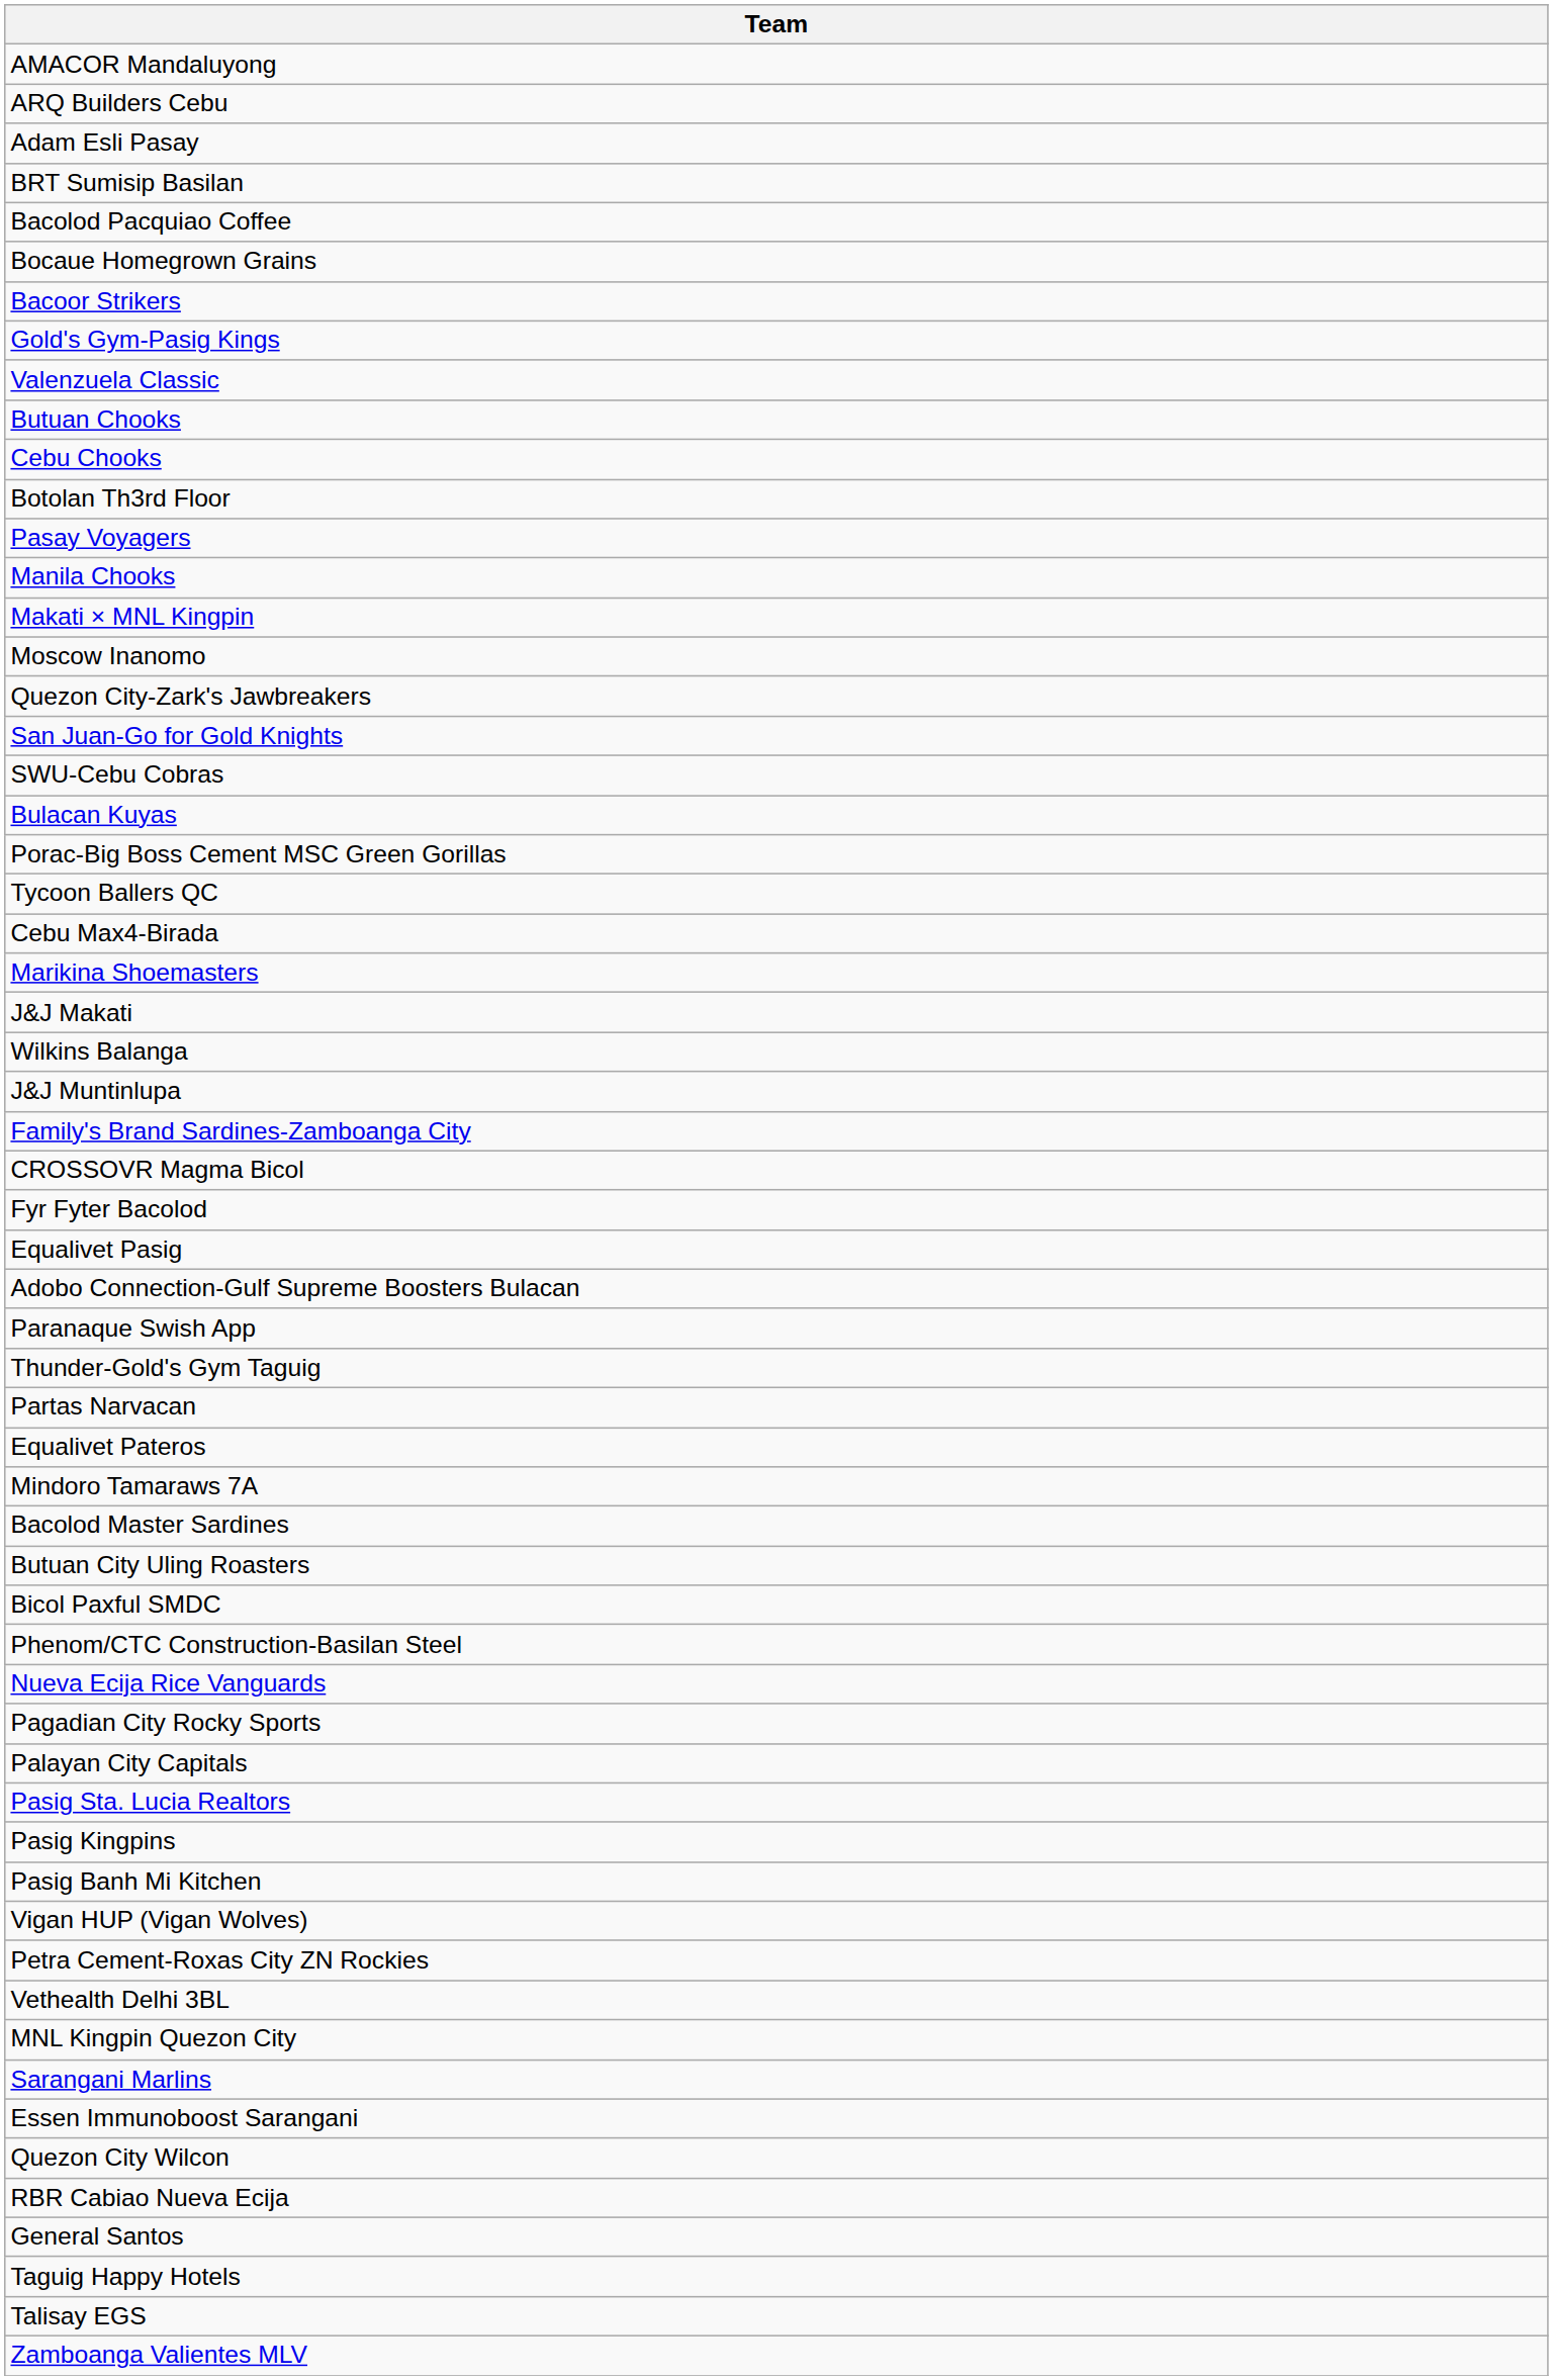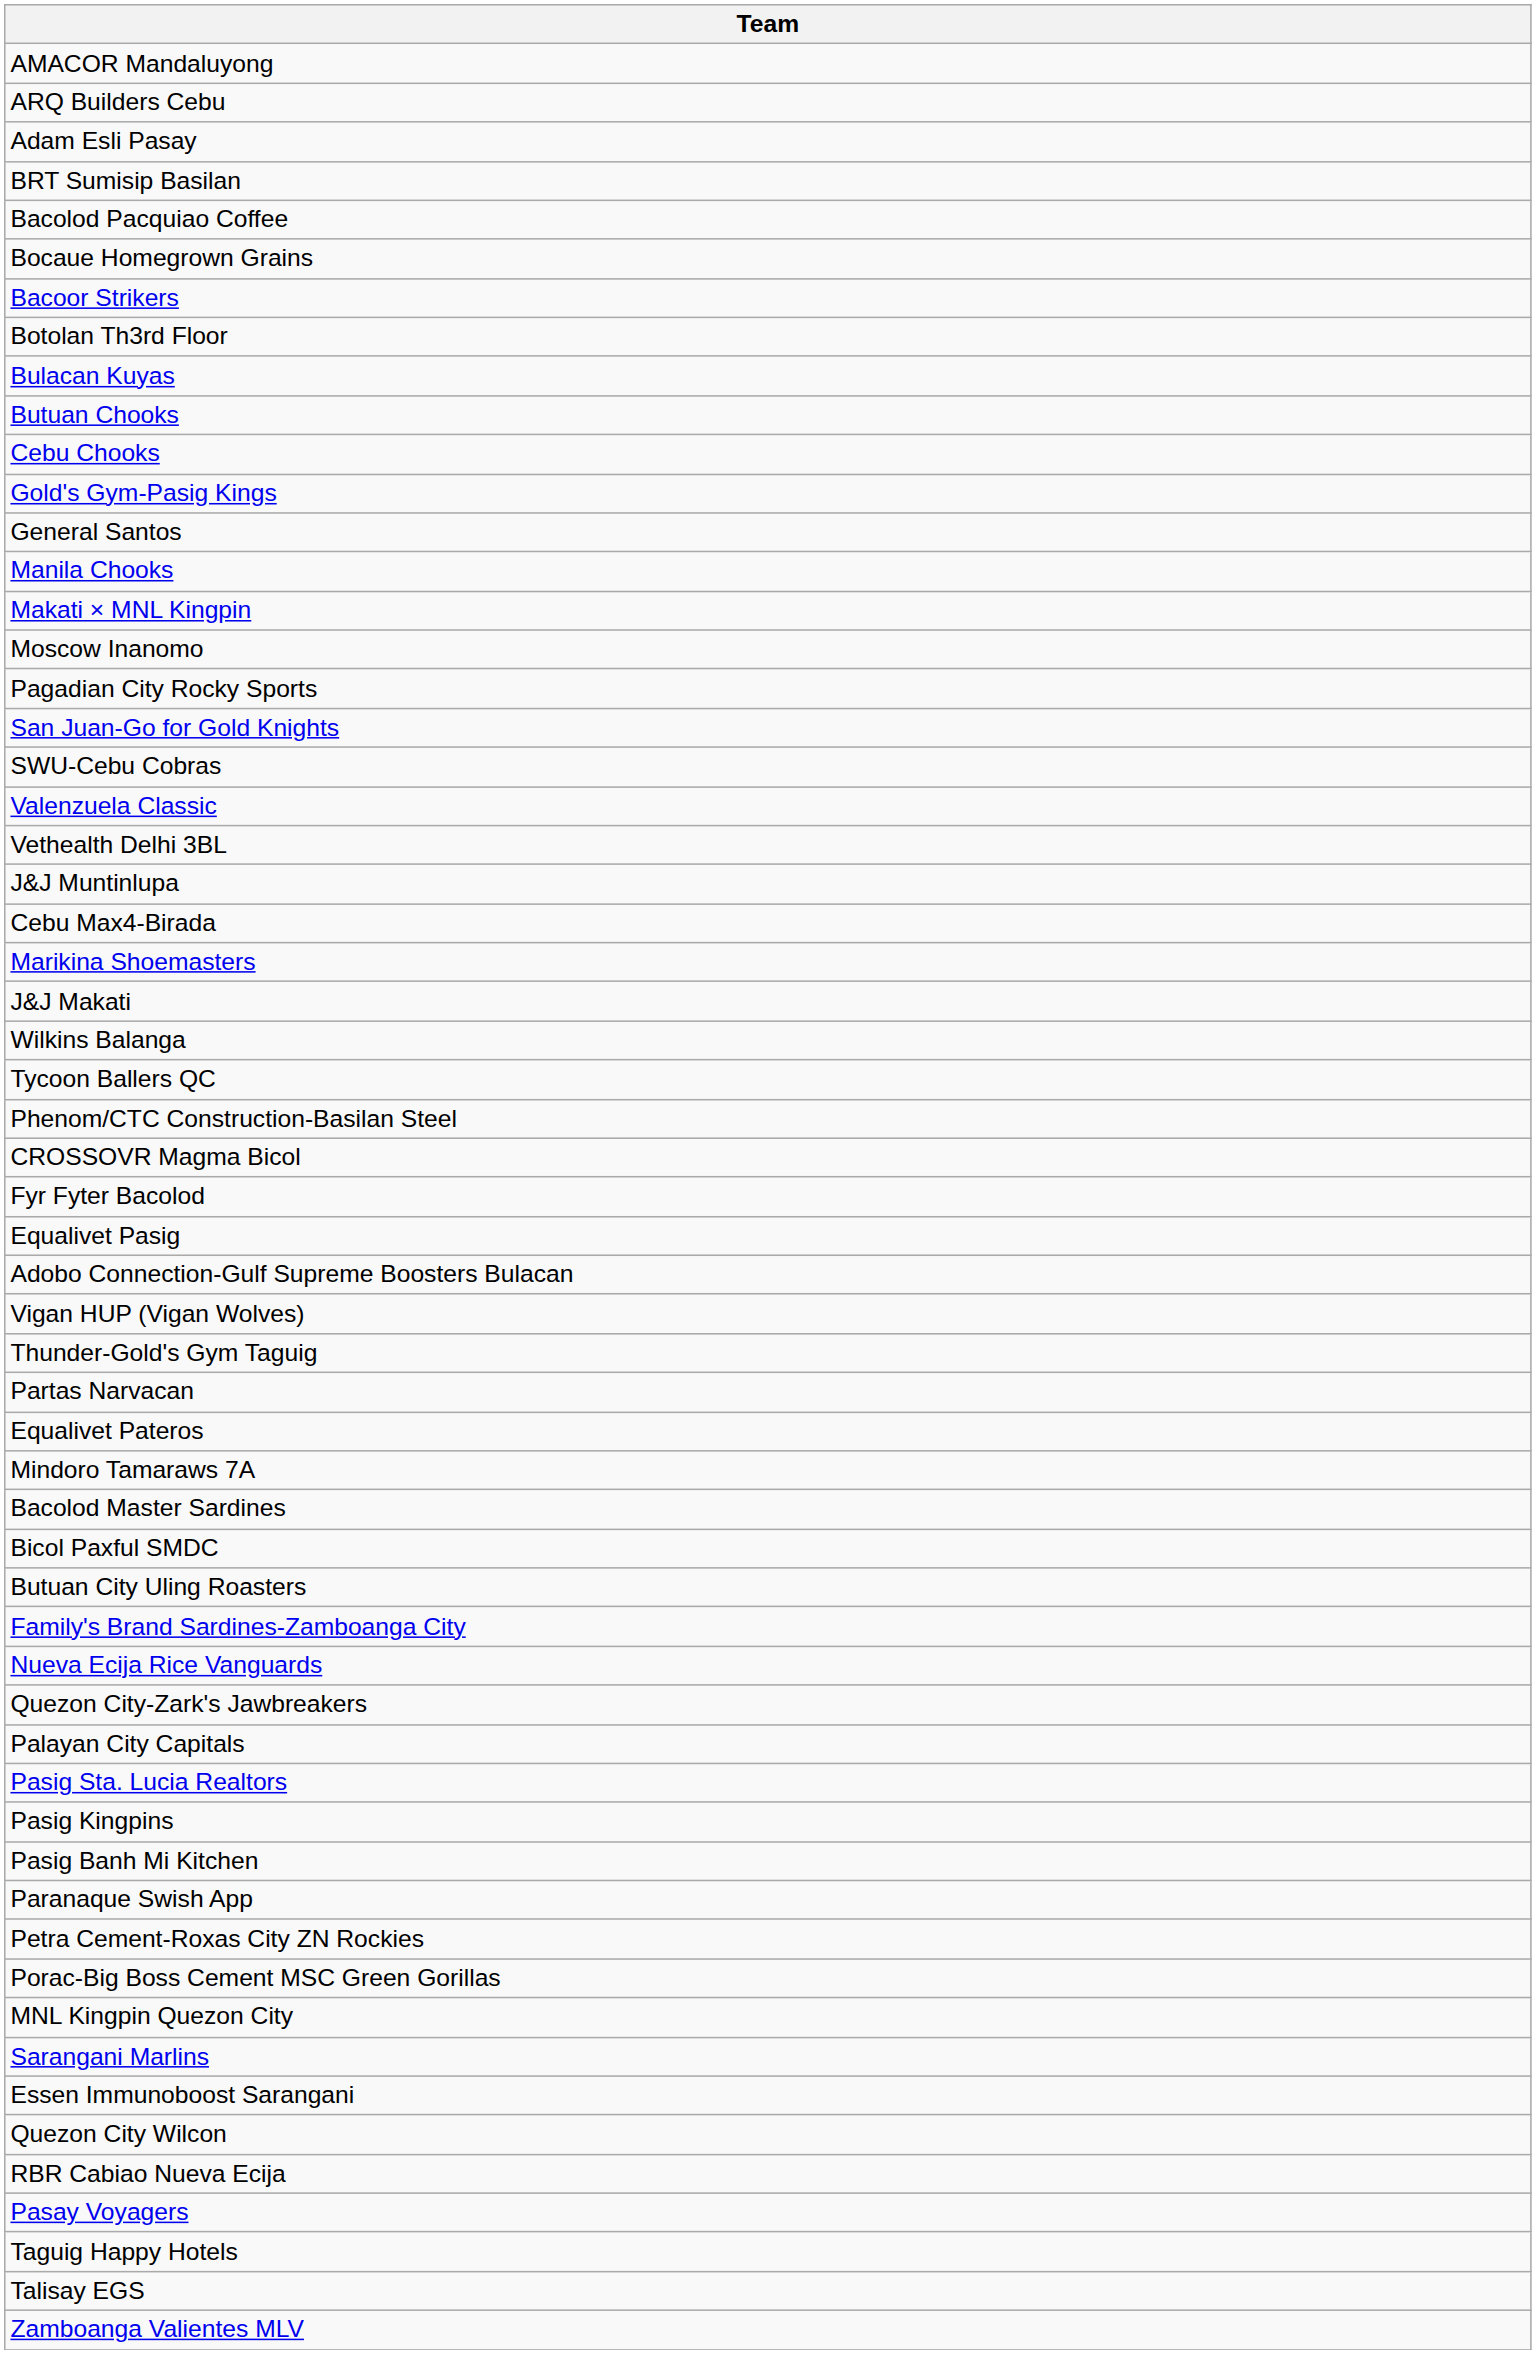 <table class="wikitable plainrowheaders" style="width:50%; text-align:left">
 <tr>
 <th scope="col">Team</th>
 </tr>
 <tr>
 <td>AMACOR Mandaluyong</td>
 </tr>
 <tr>
 <td>ARQ Builders Cebu</td>
 </tr>
 <tr>
 <td>Adam Esli Pasay</td>
 </tr>
 <tr>
 <td>BRT Sumisip Basilan</td>
 </tr>
 <tr>
 <td>Bacolod Pacquiao Coffee</td>
 </tr>
 <tr>
 <td>Bocaue Homegrown Grains</td>
 </tr>
 <tr>
 <td><a href='#'>Bacoor Strikers</a></td>
 </tr>
 <tr>
-<td><a href='#'>Gold's Gym-Pasig Kings</a></td>
+<td>Botolan Th3rd Floor</td>
 </tr>
 <tr>
-<td><a href='#'>Valenzuela Classic</a></td>
+<td><a href='#'>Bulacan Kuyas</a></td>
 </tr>
 <tr>
 <td><a href='#'>Butuan Chooks</a></td>
 </tr>
 <tr>
 <td><a href='#'>Cebu Chooks</a></td>
 </tr>
 <tr>
-<td>Botolan Th3rd Floor</td>
+<td><a href='#'>Gold's Gym-Pasig Kings</a></td>
 </tr>
 <tr>
-<td><a href='#'>Pasay Voyagers</a></td>
+<td>General Santos</td>
 </tr>
 <tr>
 <td><a href='#'>Manila Chooks</a></td>
 </tr>
 <tr>
 <td><a href='#'>Makati × MNL Kingpin</a></td>
 </tr>
 <tr>
 <td>Moscow Inanomo </td>
 </tr>
 <tr>
-<td>Quezon City-Zark's Jawbreakers</td>
+<td>Pagadian City Rocky Sports</td>
 </tr>
 <tr>
 <td><a href='#'>San Juan-Go for Gold Knights</a></td>
 </tr>
 <tr>
 <td>SWU-Cebu Cobras</td>
 </tr>
 <tr>
-<td><a href='#'>Bulacan Kuyas</a></td>
+<td><a href='#'>Valenzuela Classic</a></td>
 </tr>
 <tr>
-<td>Porac-Big Boss Cement MSC Green Gorillas</td>
+<td>Vethealth Delhi 3BL </td>
 </tr>
 <tr>
-<td>Tycoon Ballers QC</td>
+<td>J&J Muntinlupa</td>
 </tr>
 <tr>
 <td>Cebu Max4-Birada</td>
 </tr>
 <tr>
 <td><a href='#'>Marikina Shoemasters</a></td>
 </tr>
 <tr>
 <td>J&J Makati</td>
 </tr>
 <tr>
 <td>Wilkins Balanga</td>
 </tr>
 <tr>
-<td>J&J Muntinlupa</td>
+<td>Tycoon Ballers QC</td>
 </tr>
 <tr>
-<td><a href='#'>Family's Brand Sardines-Zamboanga City</a></td>
+<td>Phenom/CTC Construction-Basilan Steel</td>
 </tr>
 <tr>
 <td>CROSSOVR Magma Bicol</td>
 </tr>
 <tr>
 <td>Fyr Fyter Bacolod</td>
 </tr>
 <tr>
 <td>Equalivet Pasig</td>
 </tr>
 <tr>
 <td>Adobo Connection-Gulf Supreme Boosters Bulacan</td>
 </tr>
 <tr>
-<td>Paranaque Swish App</td>
+<td>Vigan HUP (Vigan Wolves)</td>
 </tr>
 <tr>
 <td>Thunder-Gold's Gym Taguig</td>
 </tr>
 <tr>
 <td>Partas Narvacan</td>
 </tr>
 <tr>
 <td>Equalivet Pateros</td>
 </tr>
 <tr>
 <td>Mindoro Tamaraws 7A</td>
 </tr>
 <tr>
 <td>Bacolod Master Sardines</td>
 </tr>
 <tr>
+<td>Bicol Paxful SMDC</td>
+</tr>
+<tr>
 <td>Butuan City Uling Roasters</td>
 </tr>
 <tr>
-<td>Bicol Paxful SMDC</td>
-</tr>
-<tr>
-<td>Phenom/CTC Construction-Basilan Steel</td>
+<td><a href='#'>Family's Brand Sardines-Zamboanga City</a></td>
 </tr>
 <tr>
 <td><a href='#'>Nueva Ecija Rice Vanguards</a></td>
 </tr>
 <tr>
-<td>Pagadian City Rocky Sports</td>
+<td>Quezon City-Zark's Jawbreakers</td>
 </tr>
 <tr>
 <td>Palayan City Capitals</td>
 </tr>
 <tr>
 <td><a href='#'>Pasig Sta. Lucia Realtors</a></td>
 </tr>
 <tr>
 <td>Pasig Kingpins</td>
 </tr>
 <tr>
 <td>Pasig Banh Mi Kitchen</td>
 </tr>
 <tr>
-<td>Vigan HUP (Vigan Wolves)</td>
+<td>Paranaque Swish App</td>
 </tr>
 <tr>
 <td>Petra Cement-Roxas City ZN Rockies</td>
 </tr>
 <tr>
-<td>Vethealth Delhi 3BL </td>
+<td>Porac-Big Boss Cement MSC Green Gorillas</td>
 </tr>
 <tr>
 <td>MNL Kingpin Quezon City</td>
 </tr>
 <tr>
 <td><a href='#'>Sarangani Marlins</a></td>
 </tr>
 <tr>
 <td>Essen Immunoboost Sarangani</td>
 </tr>
 <tr>
 <td>Quezon City Wilcon</td>
 </tr>
 <tr>
 <td>RBR Cabiao Nueva Ecija</td>
 </tr>
 <tr>
-<td>General Santos</td>
+<td><a href='#'>Pasay Voyagers</a></td>
 </tr>
 <tr>
 <td>Taguig Happy Hotels</td>
 </tr>
 <tr>
 <td>Talisay EGS</td>
 </tr>
 <tr>
 <td><a href='#'>Zamboanga Valientes MLV</a></td>
 </tr>
 <tr>
 </tr>
 </table>
